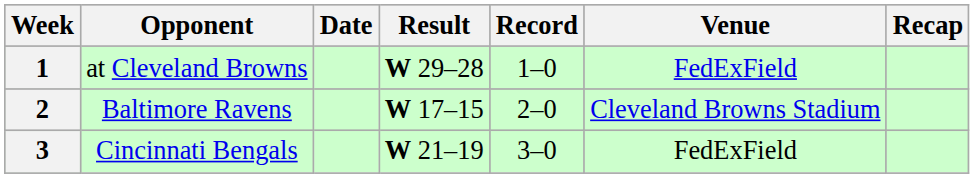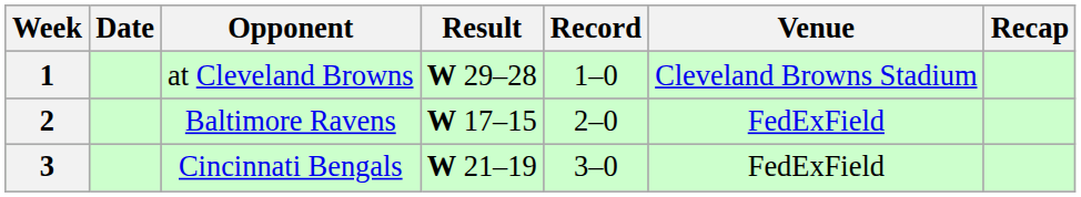 <table class="wikitable" style="text-align:center">
 <tr>
 <th>Week</th>
+<th>Date</th>
 <th>Opponent</th>
-<th>Date</th>
 <th>Result</th>
 <th>Record</th>
 <th>Venue</th>
 <th>Recap</th>
 </tr>
 <tr style="background:#cfc">
 <th>1</th>
+<td></td>
 <td>at <a href='#'>Cleveland Browns</a></td>
-<td></td>
 <td><strong>W</strong> 29–28</td>
 <td>1–0</td>
+<td><a href='#'>Cleveland Browns Stadium</a></td>
+<td></td>
+</tr>
+<tr style="background:#cfc">
+<th>2</th>
+<td></td>
+<td><a href='#'>Baltimore Ravens</a></td>
+<td><strong>W</strong> 17–15</td>
+<td>2–0</td>
 <td><a href='#'>FedExField</a></td>
 <td></td>
 </tr>
 <tr style="background:#cfc">
-<th>2</th>
-<td><a href='#'>Baltimore Ravens</a></td>
+<th>3</th>
 <td></td>
-<td><strong>W</strong> 17–15</td>
-<td>2–0</td>
-<td><a href='#'>Cleveland Browns Stadium</a></td>
-<td></td>
-</tr>
-<tr style="background:#cfc">
-<th>3</th>
 <td><a href='#'>Cincinnati Bengals</a></td>
-<td></td>
 <td><strong>W</strong> 21–19</td>
 <td>3–0</td>
 <td>FedExField</td>
 <td></td>
 </tr>
 </table>
